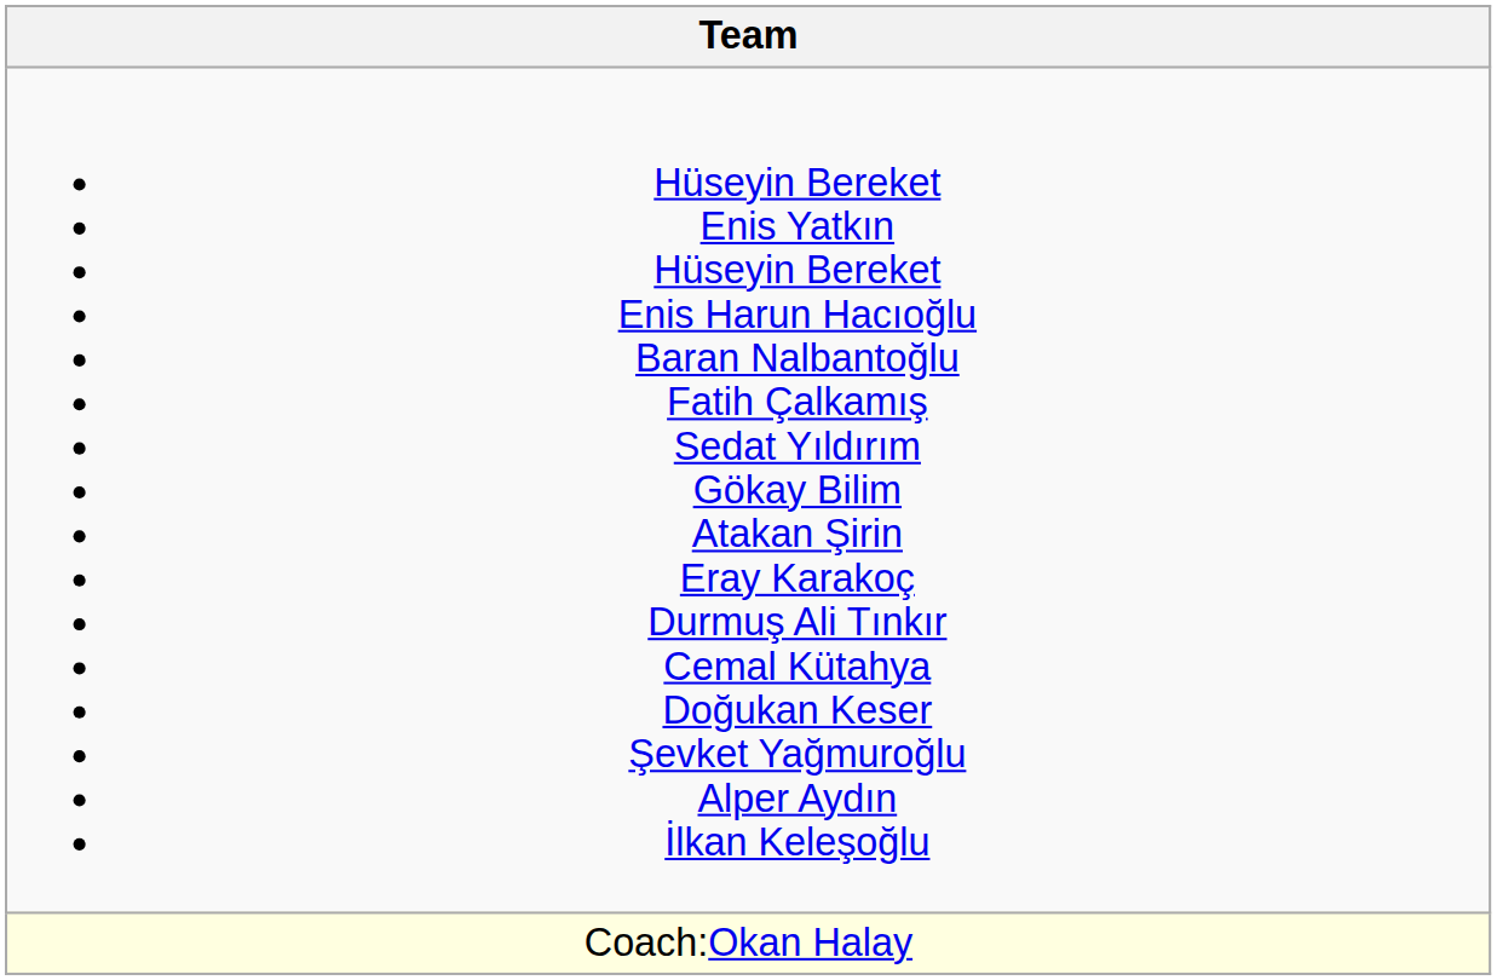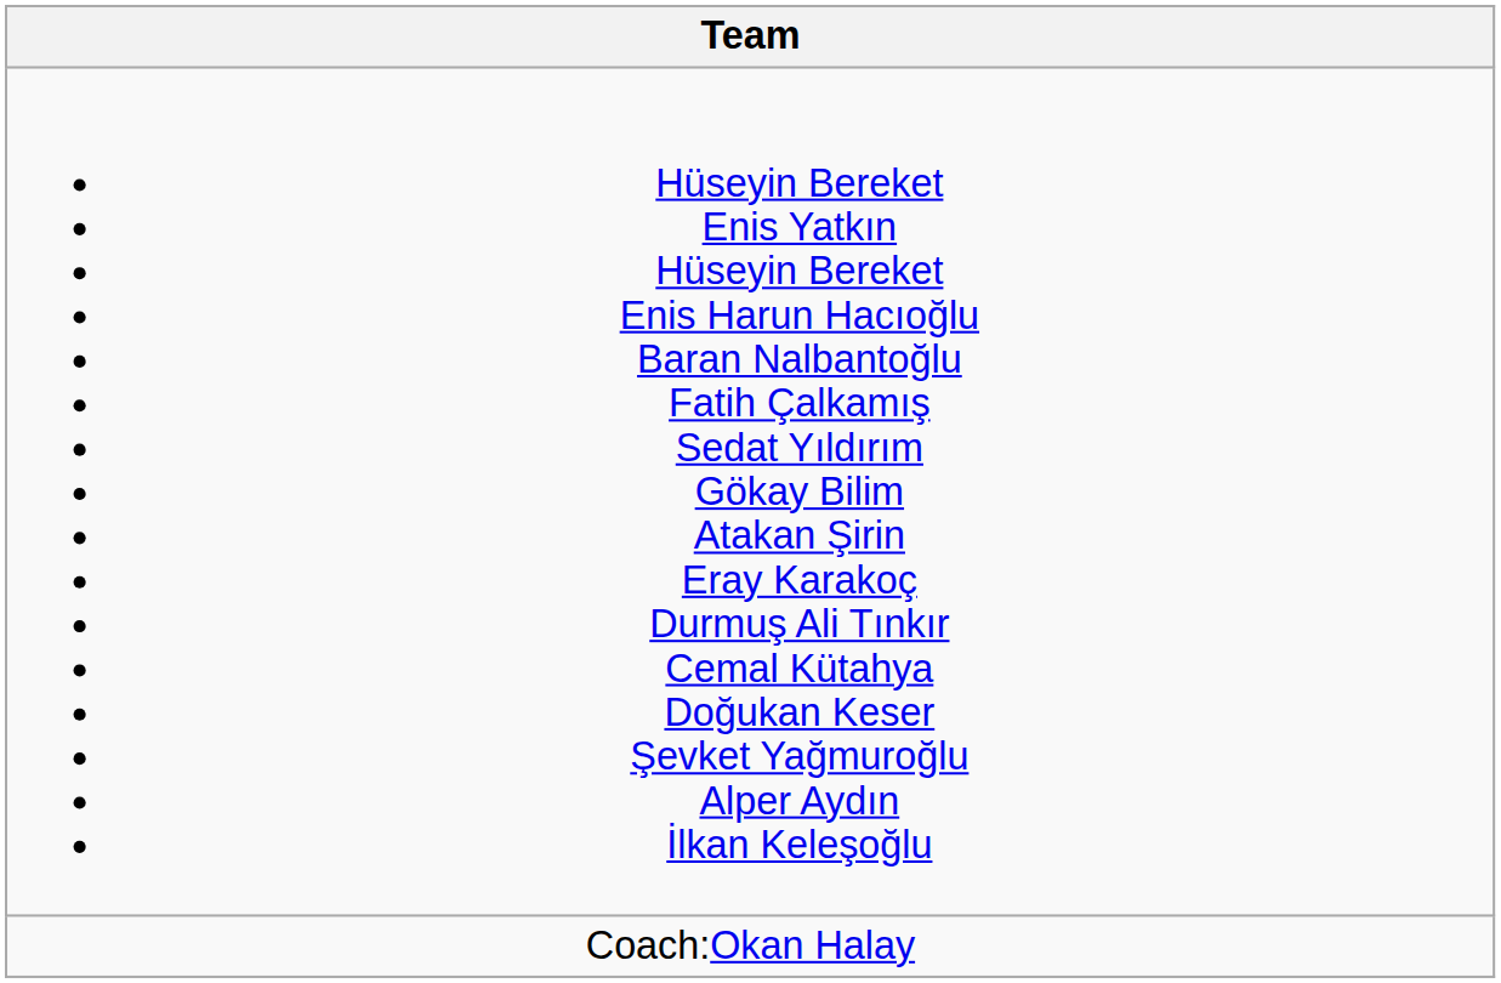 <table class="wikitable" style="text-align: center;">
 <tr>
 <th width=600>Team</th>
 </tr>
 <tr>
 <td><br><ul><li><a href='#'>Hüseyin Bereket</a></li><li><a href='#'>Enis Yatkın</a></li><li><a href='#'>Hüseyin Bereket</a></li><li><a href='#'>Enis Harun Hacıoğlu</a></li><li><a href='#'>Baran Nalbantoğlu</a></li><li><a href='#'>Fatih Çalkamış</a></li><li><a href='#'>Sedat Yıldırım</a></li><li><a href='#'>Gökay Bilim</a></li><li><a href='#'>Atakan Şirin</a></li><li><a href='#'>Eray Karakoç</a></li><li><a href='#'>Durmuş Ali Tınkır</a></li><li><a href='#'>Cemal Kütahya</a></li><li><a href='#'>Doğukan Keser</a></li><li><a href='#'>Şevket Yağmuroğlu</a></li><li><a href='#'>Alper Aydın</a></li><li><a href='#'>İlkan Keleşoğlu</a></li></ul></td>
 </tr>
 <tr>
-<td style="background: lightyellow;">Coach:<a href='#'>Okan Halay</a></td>
+<td>Coach:<a href='#'>Okan Halay</a></td>
 </tr>
 </table>
